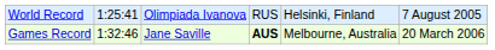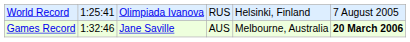 <table class="wikitable">
 <tr bgcolor = "ddeeff">
 <td><a href='#'>World Record</a></td>
 <td>1:25:41</td>
 <td><a href='#'>Olimpiada Ivanova</a></td>
 <td>RUS</td>
 <td>Helsinki, Finland</td>
 <td>7 August 2005</td>
 </tr>
 <tr bgcolor = "eeffdd">
 <td><a href='#'>Games Record</a></td>
 <td>1:32:46</td>
 <td><a href='#'>Jane Saville</a></td>
-<td><strong>AUS</strong></td>
+<td>AUS</td>
 <td>Melbourne, Australia</td>
-<td>20 March 2006</td>
+<td><strong>20 March 2006</strong></td>
 </tr>
 </table>
